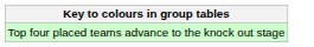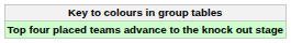 <table class="wikitable">
 <tr>
 <th>Key to colours in group tables</th>
 </tr>
 <tr bgcolor=#ccffcc>
-<td>Top four placed teams advance to the knock out stage</td>
+<td><strong>Top four placed teams advance to the knock out stage</strong></td>
 </tr>
 </table>
